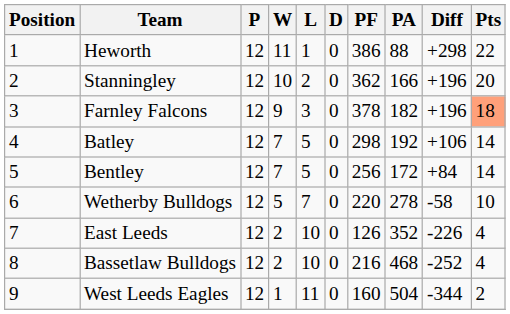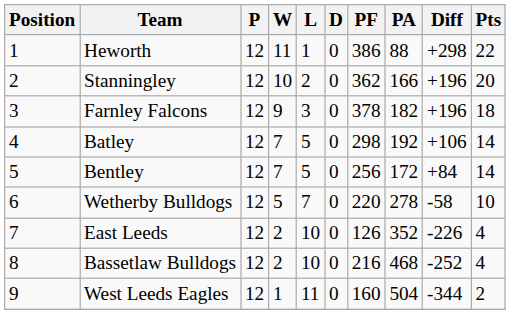 <table class="wikitable">
 <tr>
 <th>Position</th>
 <th>Team</th>
 <th>P</th>
 <th>W</th>
 <th>L</th>
 <th>D</th>
 <th>PF</th>
 <th>PA</th>
 <th>Diff</th>
 <th>Pts</th>
 </tr>
 <tr>
 <td>1</td>
 <td>Heworth</td>
 <td>12</td>
 <td>11</td>
 <td>1</td>
 <td>0</td>
 <td>386</td>
 <td>88</td>
 <td>+298</td>
 <td>22</td>
 </tr>
 <tr>
 <td>2</td>
 <td>Stanningley</td>
 <td>12</td>
 <td>10</td>
 <td>2</td>
 <td>0</td>
 <td>362</td>
 <td>166</td>
 <td>+196</td>
 <td>20</td>
 </tr>
 <tr>
 <td>3</td>
 <td>Farnley Falcons</td>
 <td>12</td>
 <td>9</td>
 <td>3</td>
 <td>0</td>
 <td>378</td>
 <td>182</td>
 <td>+196</td>
-<td style="background: lightsalmon;">18</td>
+<td>18</td>
 </tr>
 <tr>
 <td>4</td>
 <td>Batley</td>
 <td>12</td>
 <td>7</td>
 <td>5</td>
 <td>0</td>
 <td>298</td>
 <td>192</td>
 <td>+106</td>
 <td>14</td>
 </tr>
 <tr>
 <td>5</td>
 <td>Bentley</td>
 <td>12</td>
 <td>7</td>
 <td>5</td>
 <td>0</td>
 <td>256</td>
 <td>172</td>
 <td>+84</td>
 <td>14</td>
 </tr>
 <tr>
 <td>6</td>
 <td>Wetherby Bulldogs</td>
 <td>12</td>
 <td>5</td>
 <td>7</td>
 <td>0</td>
 <td>220</td>
 <td>278</td>
 <td>-58</td>
 <td>10</td>
 </tr>
 <tr>
 <td>7</td>
 <td>East Leeds</td>
 <td>12</td>
 <td>2</td>
 <td>10</td>
 <td>0</td>
 <td>126</td>
 <td>352</td>
 <td>-226</td>
 <td>4</td>
 </tr>
 <tr>
 <td>8</td>
 <td>Bassetlaw Bulldogs</td>
 <td>12</td>
 <td>2</td>
 <td>10</td>
 <td>0</td>
 <td>216</td>
 <td>468</td>
 <td>-252</td>
 <td>4</td>
 </tr>
 <tr>
 <td>9</td>
 <td>West Leeds Eagles</td>
 <td>12</td>
 <td>1</td>
 <td>11</td>
 <td>0</td>
 <td>160</td>
 <td>504</td>
 <td>-344</td>
 <td>2</td>
 </tr>
 <tr>
 </tr>
 </table>
